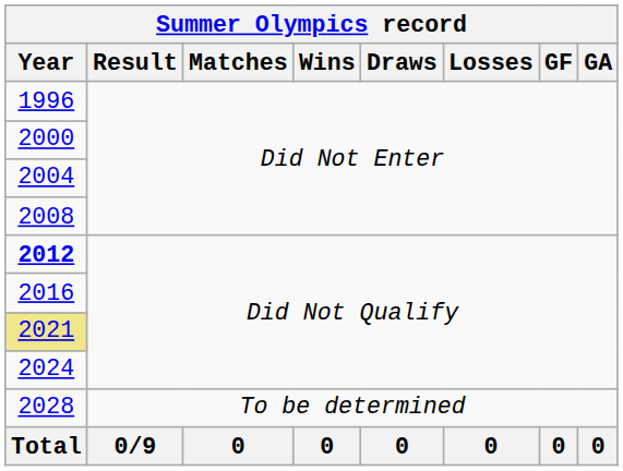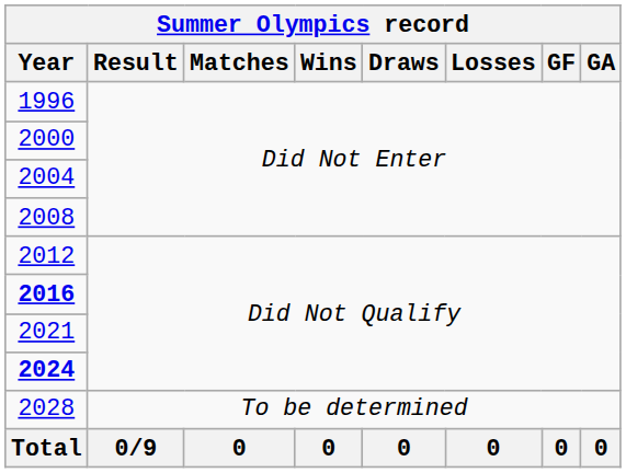 <table class="wikitable" style="text-align: center;">
 <tr>
 <th colspan=8><a href='#'>Summer Olympics</a> record</th>
 </tr>
 <tr>
 <th>Year</th>
 <th>Result</th>
 <th>Matches</th>
 <th>Wins</th>
 <th>Draws</th>
 <th>Losses</th>
 <th>GF</th>
 <th>GA</th>
 </tr>
 <tr>
 <td> <a href='#'>1996</a></td>
 <td rowspan=4 colspan=8><em>Did Not Enter</em></td>
 </tr>
 <tr>
 <td> <a href='#'>2000</a></td>
 </tr>
 <tr>
 <td> <a href='#'>2004</a></td>
 </tr>
 <tr>
 <td> <a href='#'>2008</a></td>
 </tr>
 <tr>
-<td><strong> <a href='#'>2012</a></strong></td>
+<td> <a href='#'>2012</a></td>
 <td rowspan=4 colspan=8><em>Did Not Qualify</em></td>
 </tr>
 <tr>
-<td> <a href='#'>2016</a></td>
+<td><strong> <a href='#'>2016</a></strong></td>
 </tr>
 <tr>
-<td style="background: khaki;"> <a href='#'>2021</a></td>
+<td> <a href='#'>2021</a></td>
 </tr>
 <tr>
-<td> <a href='#'>2024</a></td>
+<td><strong> <a href='#'>2024</a></strong></td>
 </tr>
 <tr>
 <td> <a href='#'>2028</a></td>
 <td colspan=8><em>To be determined</em></td>
 </tr>
 <tr>
 <th>Total</th>
 <th>0/9</th>
 <th>0</th>
 <th>0</th>
 <th>0</th>
 <th>0</th>
 <th>0</th>
 <th>0</th>
 </tr>
 </table>
